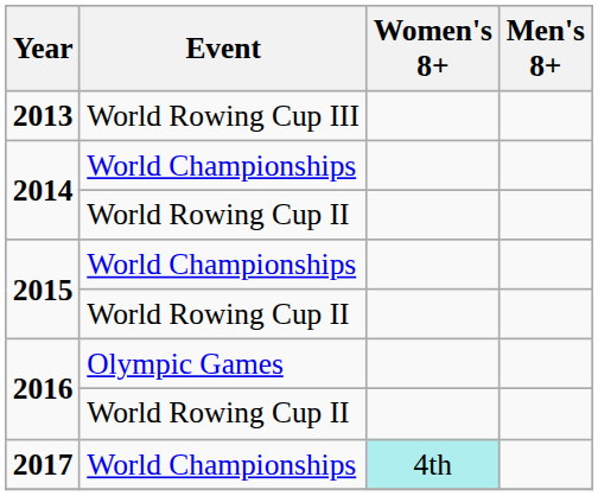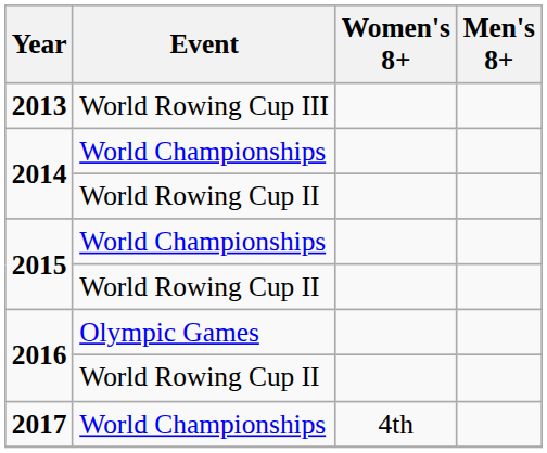 <table class="wikitable" style="text-align:center; font-size:95%;">
 <tr>
 <th align=center>Year</th>
 <th align=center>Event</th>
 <th style="width:30px;">Women's 8+</th>
 <th style="width:30px;">Men's 8+</th>
 </tr>
 <tr>
 <td rowspan="1"><strong>2013</strong></td>
 <td align=left>World Rowing Cup III</td>
 <td></td>
 <td></td>
 </tr>
 <tr>
 <td rowspan="2"><strong>2014</strong></td>
 <td align=left><a href='#'>World Championships</a></td>
 <td></td>
 <td></td>
 </tr>
 <tr>
 <td align=left>World Rowing Cup II</td>
 <td></td>
 <td></td>
 </tr>
 <tr>
 <td rowspan="2"><strong>2015</strong></td>
 <td align=left><a href='#'>World Championships</a></td>
 <td></td>
 <td></td>
 </tr>
 <tr>
 <td align=left>World Rowing Cup II</td>
 <td></td>
 <td></td>
 </tr>
 <tr>
 <td rowspan="2"><strong>2016</strong></td>
 <td align=left><a href='#'>Olympic Games</a></td>
 <td></td>
 <td></td>
 </tr>
 <tr>
 <td align=left>World Rowing Cup II</td>
 <td></td>
 <td></td>
 </tr>
 <tr>
 <td rowspan="1"><strong>2017</strong></td>
 <td align=left><a href='#'>World Championships</a></td>
-<td style="background: paleturquoise;">4th</td>
+<td>4th</td>
 <td></td>
 </tr>
 <tr>
 </tr>
 </table>
